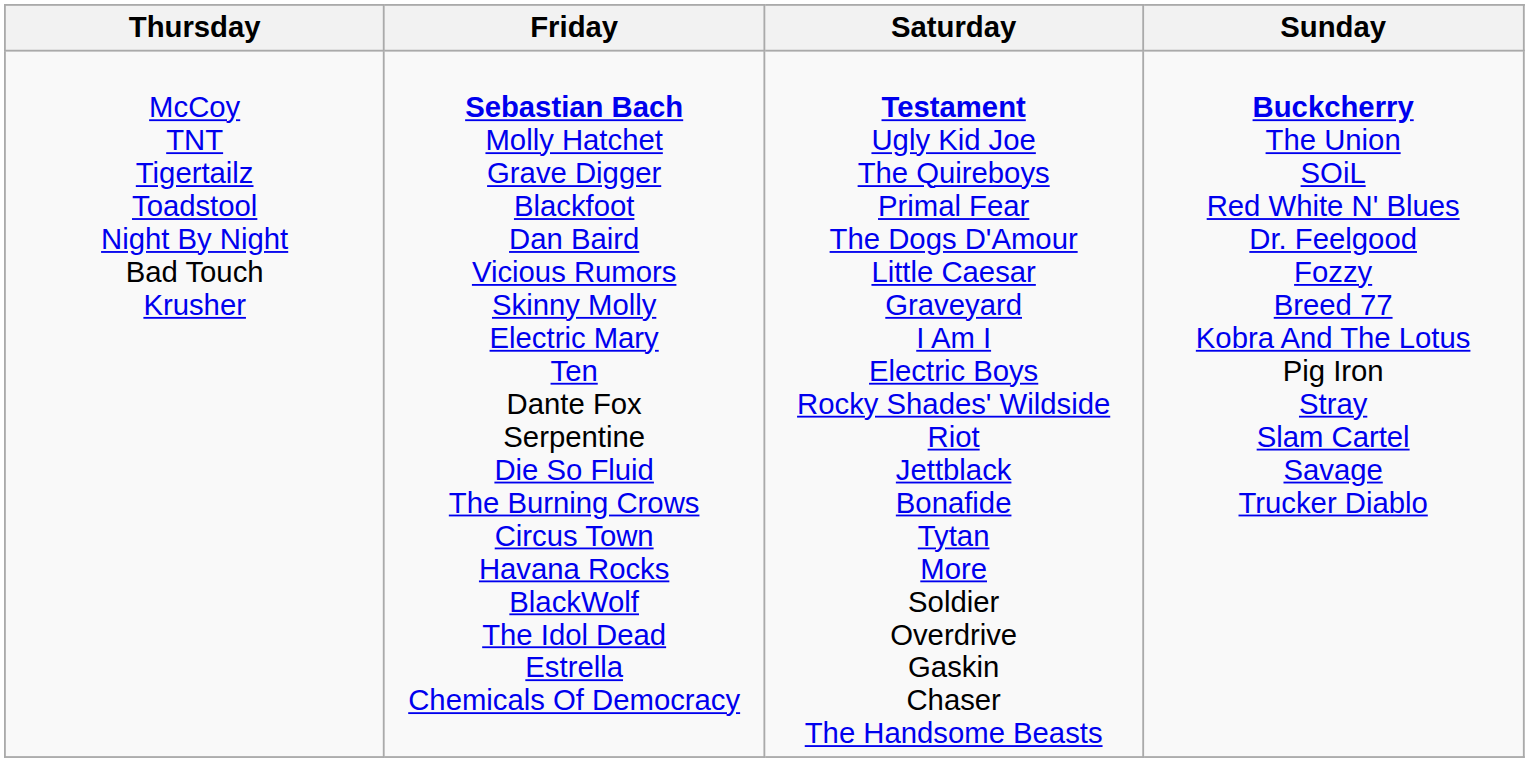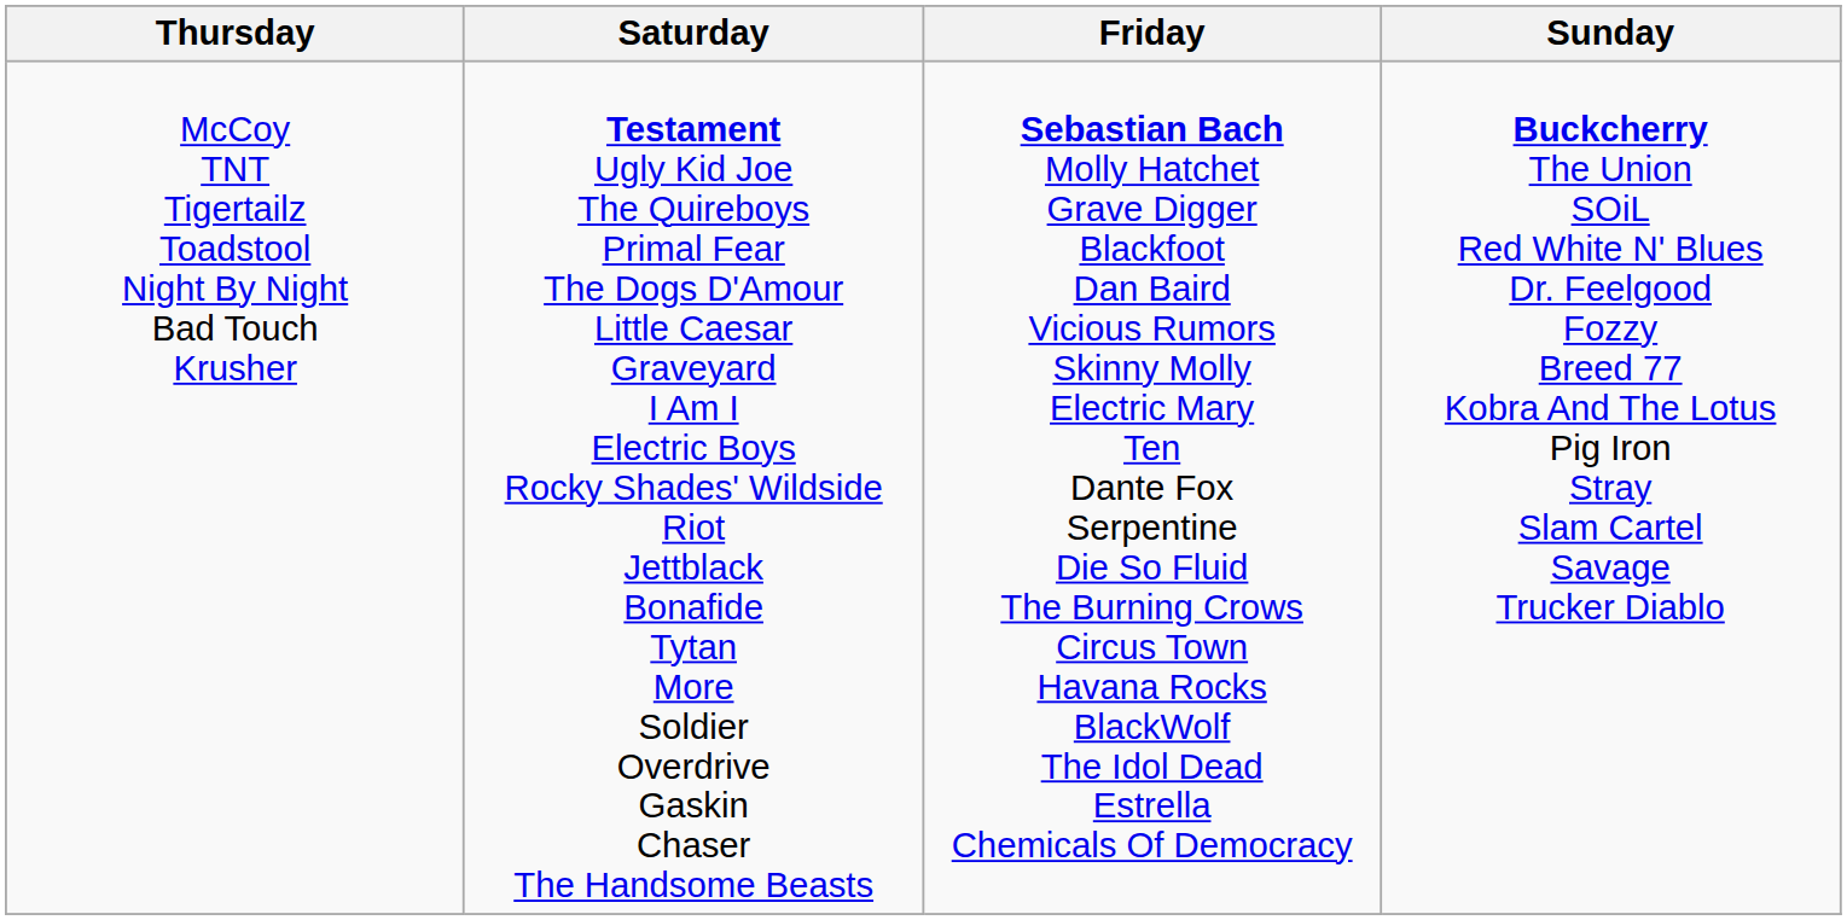 <table class="wikitable">
 <tr>
 <th>Thursday</th>
+<th>Saturday</th>
 <th>Friday</th>
-<th>Saturday</th>
 <th>Sunday</th>
 </tr>
 <tr>
 <td valign="top" align="center" width=200><br><a href='#'>McCoy</a><br> <a href='#'>TNT</a><br> <a href='#'>Tigertailz</a><br> <a href='#'>Toadstool</a><br> <a href='#'>Night By Night</a><br> Bad Touch<br> <a href='#'>Krusher</a></td>
+<td valign="top" align="center" width=200><br><strong><a href='#'>Testament</a></strong><br> <a href='#'>Ugly Kid Joe</a><br> <a href='#'>The Quireboys</a><br> <a href='#'>Primal Fear</a><br> <a href='#'>The Dogs D'Amour</a><br> <a href='#'>Little Caesar</a><br> <a href='#'>Graveyard</a><br> <a href='#'>I Am I</a><br> <a href='#'>Electric Boys</a><br> <a href='#'>Rocky Shades' Wildside Riot</a><br> <a href='#'>Jettblack</a><br> <a href='#'>Bonafide</a><br> <a href='#'>Tytan</a><br> <a href='#'>More</a><br> Soldier<br> Overdrive<br> Gaskin<br> Chaser<br> <a href='#'>The Handsome Beasts</a></td>
 <td valign="top" align="center" width=200><br><strong><a href='#'>Sebastian Bach</a></strong><br> <a href='#'>Molly Hatchet</a><br> <a href='#'>Grave Digger</a><br> <a href='#'>Blackfoot</a><br> <a href='#'>Dan Baird</a><br> <a href='#'>Vicious Rumors</a><br> <a href='#'>Skinny Molly</a><br> <a href='#'>Electric Mary</a><br> <a href='#'>Ten</a><br> Dante Fox<br> Serpentine<br> <a href='#'>Die So Fluid</a><br> <a href='#'>The Burning Crows</a><br> <a href='#'>Circus Town</a><br> <a href='#'>Havana Rocks</a><br> <a href='#'>BlackWolf</a><br> <a href='#'>The Idol Dead</a><br> <a href='#'>Estrella</a><br> <a href='#'>Chemicals Of Democracy</a></td>
-<td valign="top" align="center" width=200><br><strong><a href='#'>Testament</a></strong><br> <a href='#'>Ugly Kid Joe</a><br> <a href='#'>The Quireboys</a><br> <a href='#'>Primal Fear</a><br> <a href='#'>The Dogs D'Amour</a><br> <a href='#'>Little Caesar</a><br> <a href='#'>Graveyard</a><br> <a href='#'>I Am I</a><br> <a href='#'>Electric Boys</a><br> <a href='#'>Rocky Shades' Wildside Riot</a><br> <a href='#'>Jettblack</a><br> <a href='#'>Bonafide</a><br> <a href='#'>Tytan</a><br> <a href='#'>More</a><br> Soldier<br> Overdrive<br> Gaskin<br> Chaser<br> <a href='#'>The Handsome Beasts</a></td>
 <td valign="top" align="center" width=200><br><strong><a href='#'>Buckcherry</a></strong><br> <a href='#'>The Union</a><br> <a href='#'>SOiL</a><br> <a href='#'>Red White N' Blues</a><br> <a href='#'>Dr. Feelgood</a><br> <a href='#'>Fozzy</a><br> <a href='#'>Breed 77</a><br> <a href='#'>Kobra And The Lotus</a><br> Pig Iron<br> <a href='#'>Stray</a><br> <a href='#'>Slam Cartel</a><br> <a href='#'>Savage</a><br> <a href='#'>Trucker Diablo</a><br></td>
 </tr>
 </table>
